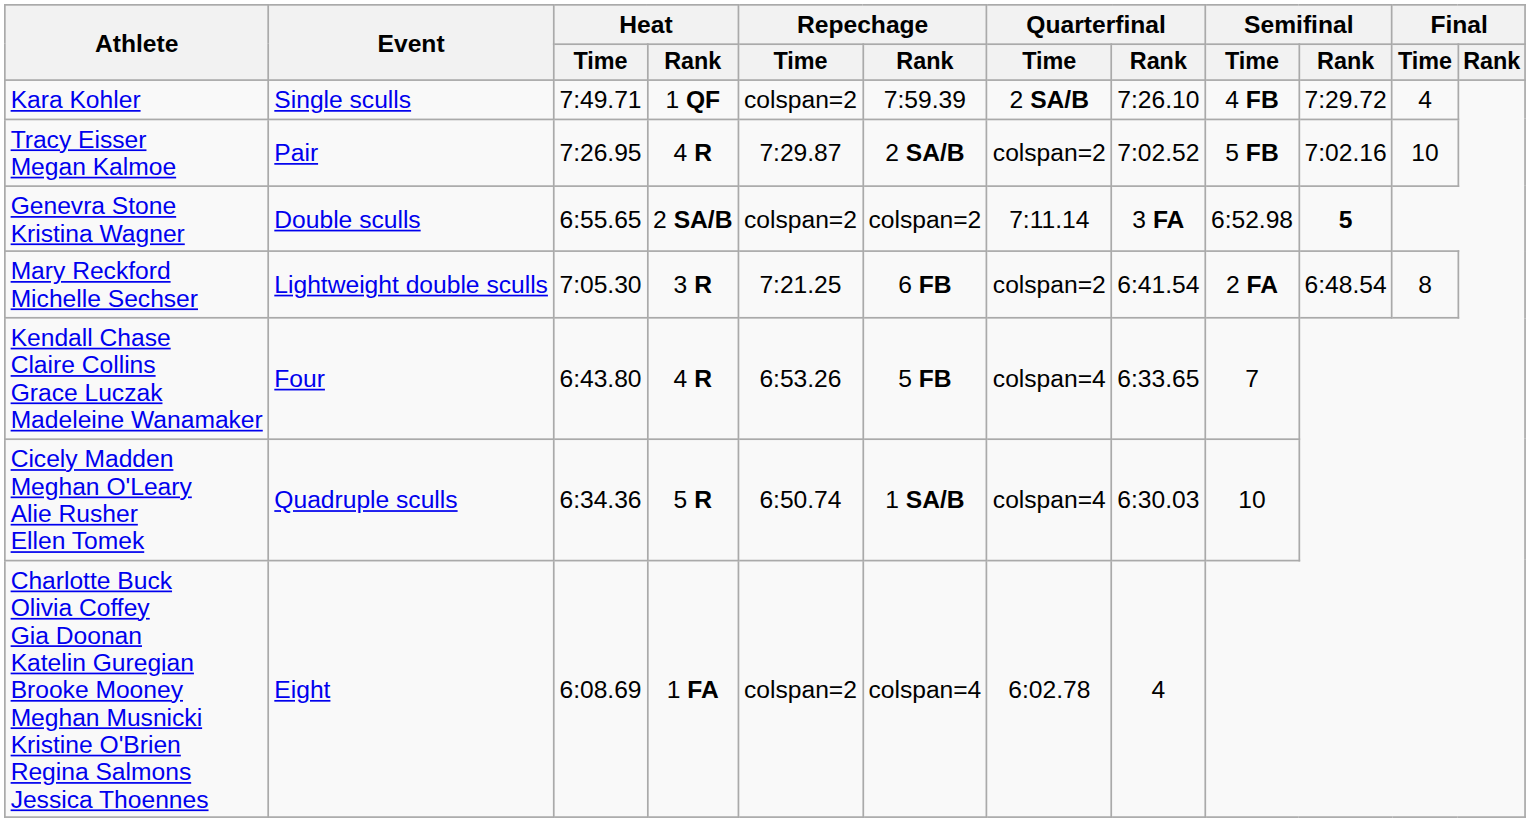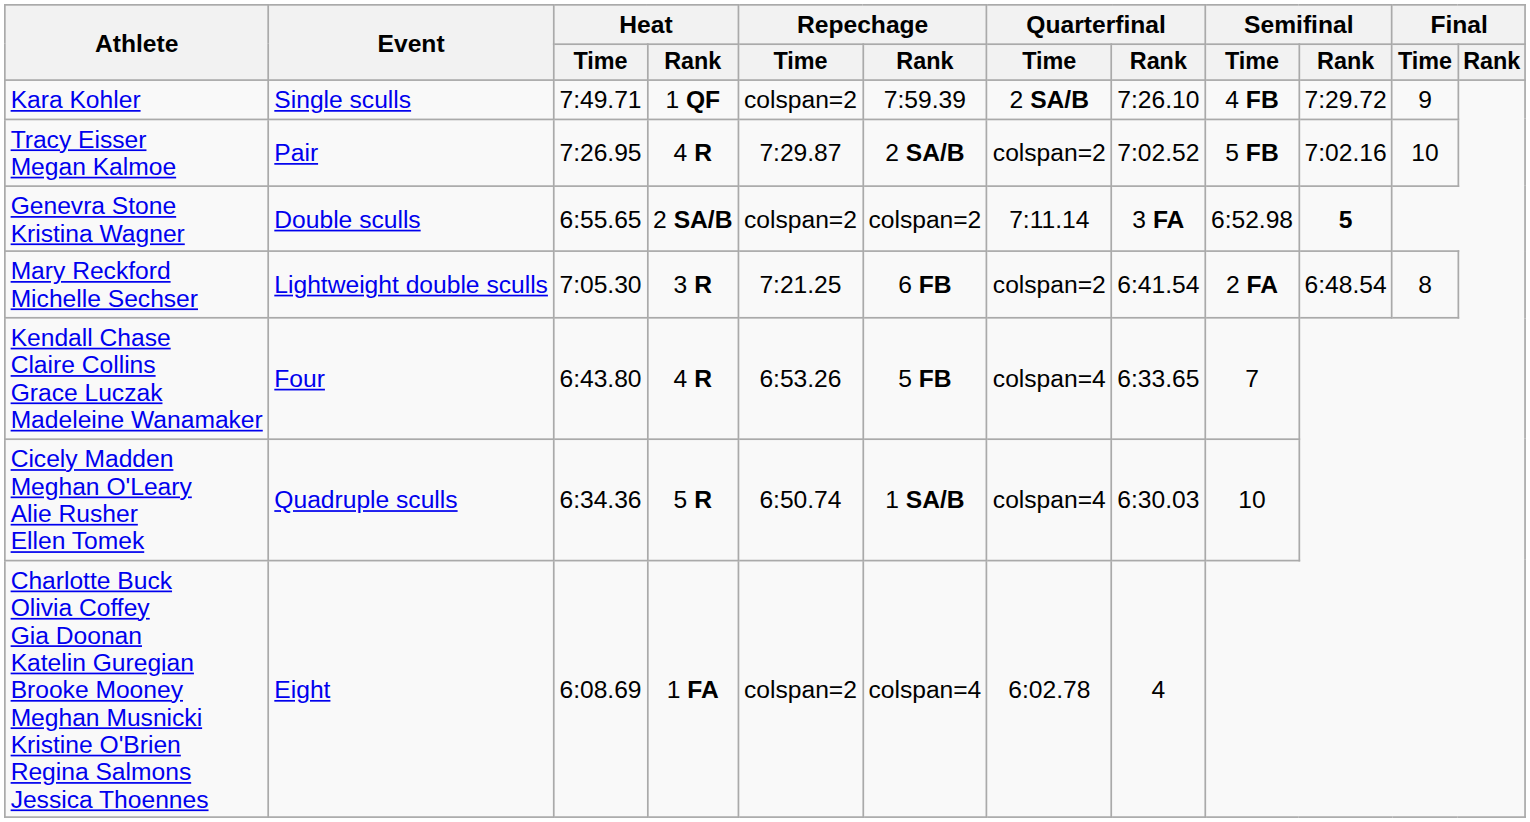 <table class=wikitable style=font-size:90%;text-align:center>
 <tr>
 <th rowspan=2>Athlete</th>
 <th rowspan=2>Event</th>
 <th colspan=2>Heat</th>
 <th colspan=2>Repechage</th>
 <th colspan=2>Quarterfinal</th>
 <th colspan=2>Semifinal</th>
 <th colspan=2>Final</th>
 </tr>
 <tr style=font-size:95%>
 <th>Time</th>
 <th>Rank</th>
 <th>Time</th>
 <th>Rank</th>
 <th>Time</th>
 <th>Rank</th>
 <th>Time</th>
 <th>Rank</th>
 <th>Time</th>
 <th>Rank</th>
 </tr>
 <tr>
 <td align=left><a href='#'>Kara Kohler</a></td>
 <td align=left><a href='#'>Single sculls</a></td>
 <td>7:49.71</td>
 <td>1 <strong>QF</strong></td>
 <td>colspan=2 </td>
 <td>7:59.39</td>
 <td>2 <strong>SA/B</strong></td>
 <td>7:26.10</td>
 <td>4 <strong>FB</strong></td>
 <td>7:29.72</td>
-<td>4</td>
+<td>9</td>
 </tr>
 <tr>
 <td align=left><a href='#'>Tracy Eisser</a><br><a href='#'>Megan Kalmoe</a></td>
 <td align=left><a href='#'>Pair</a></td>
 <td>7:26.95</td>
 <td>4 <strong>R</strong></td>
 <td>7:29.87</td>
 <td>2 <strong>SA/B</strong></td>
 <td>colspan=2 </td>
 <td>7:02.52</td>
 <td>5 <strong>FB</strong></td>
 <td>7:02.16</td>
 <td>10</td>
 </tr>
 <tr>
 <td align=left><a href='#'>Genevra Stone</a><br><a href='#'>Kristina Wagner</a></td>
 <td align=left><a href='#'>Double sculls</a></td>
 <td>6:55.65</td>
 <td>2 <strong>SA/B</strong></td>
 <td>colspan=2 </td>
 <td>colspan=2 </td>
 <td>7:11.14</td>
 <td>3 <strong>FA</strong></td>
 <td>6:52.98</td>
 <td><strong>5</strong></td>
 </tr>
 <tr>
 <td align=left><a href='#'>Mary Reckford</a><br><a href='#'>Michelle Sechser</a></td>
 <td align=left><a href='#'>Lightweight double sculls</a></td>
 <td>7:05.30</td>
 <td>3 <strong>R</strong></td>
 <td>7:21.25</td>
 <td>6 <strong>FB</strong></td>
 <td>colspan=2 </td>
 <td>6:41.54</td>
 <td>2 <strong>FA</strong></td>
 <td>6:48.54</td>
 <td>8</td>
 </tr>
 <tr>
 <td align=left><a href='#'>Kendall Chase</a><br><a href='#'>Claire Collins</a><br><a href='#'>Grace Luczak</a><br><a href='#'>Madeleine Wanamaker</a></td>
 <td align=left><a href='#'>Four</a></td>
 <td>6:43.80</td>
 <td>4 <strong>R</strong></td>
 <td>6:53.26</td>
 <td>5 <strong>FB</strong></td>
 <td>colspan=4 </td>
 <td>6:33.65</td>
 <td>7</td>
 </tr>
 <tr>
 <td align=left><a href='#'>Cicely Madden</a><br><a href='#'>Meghan O'Leary</a><br><a href='#'>Alie Rusher</a><br><a href='#'>Ellen Tomek</a></td>
 <td align=left><a href='#'>Quadruple sculls</a></td>
 <td>6:34.36</td>
 <td>5 <strong>R</strong></td>
 <td>6:50.74</td>
 <td>1 <strong>SA/B</strong></td>
 <td>colspan=4 </td>
 <td>6:30.03</td>
 <td>10</td>
 </tr>
 <tr>
 <td align=left><a href='#'>Charlotte Buck</a><br><a href='#'>Olivia Coffey</a><br><a href='#'>Gia Doonan</a><br><a href='#'>Katelin Guregian</a><br><a href='#'>Brooke Mooney</a><br><a href='#'>Meghan Musnicki</a><br><a href='#'>Kristine O'Brien</a><br><a href='#'>Regina Salmons</a><br><a href='#'>Jessica Thoennes</a></td>
 <td align=left><a href='#'>Eight</a></td>
 <td>6:08.69</td>
 <td>1 <strong>FA</strong></td>
 <td>colspan=2 </td>
 <td>colspan=4 </td>
 <td>6:02.78</td>
 <td>4</td>
 </tr>
 </table>
